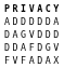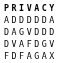 <table>
 <tr>
 <th>P</th>
 <th>R</th>
 <th>I</th>
 <th>V</th>
 <th>A</th>
 <th>C</th>
 <th>Y</th>
 </tr>
 <tr>
 <td>A</td>
 <td>D</td>
 <td>D</td>
 <td>D</td>
 <td>D</td>
 <td>D</td>
 <td>A</td>
 </tr>
 <tr>
 <td>D</td>
 <td>A</td>
 <td>G</td>
 <td>V</td>
 <td>D</td>
 <td>D</td>
 <td>D</td>
 </tr>
 <tr>
 <td>D</td>
-<td>D</td>
+<td>V</td>
 <td>A</td>
 <td>F</td>
 <td>D</td>
 <td>G</td>
 <td>V</td>
 </tr>
 <tr>
 <td>F</td>
-<td>V</td>
+<td>D</td>
 <td>F</td>
 <td>A</td>
-<td>D</td>
+<td>G</td>
 <td>A</td>
 <td>X</td>
 </tr>
 </table>
